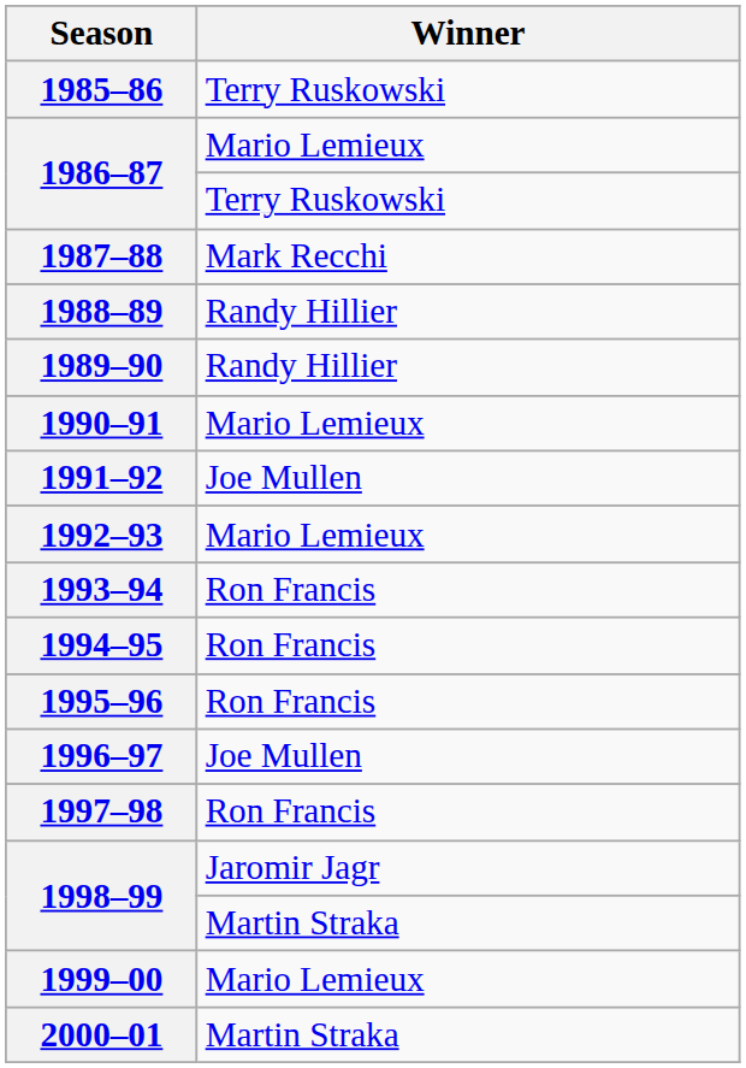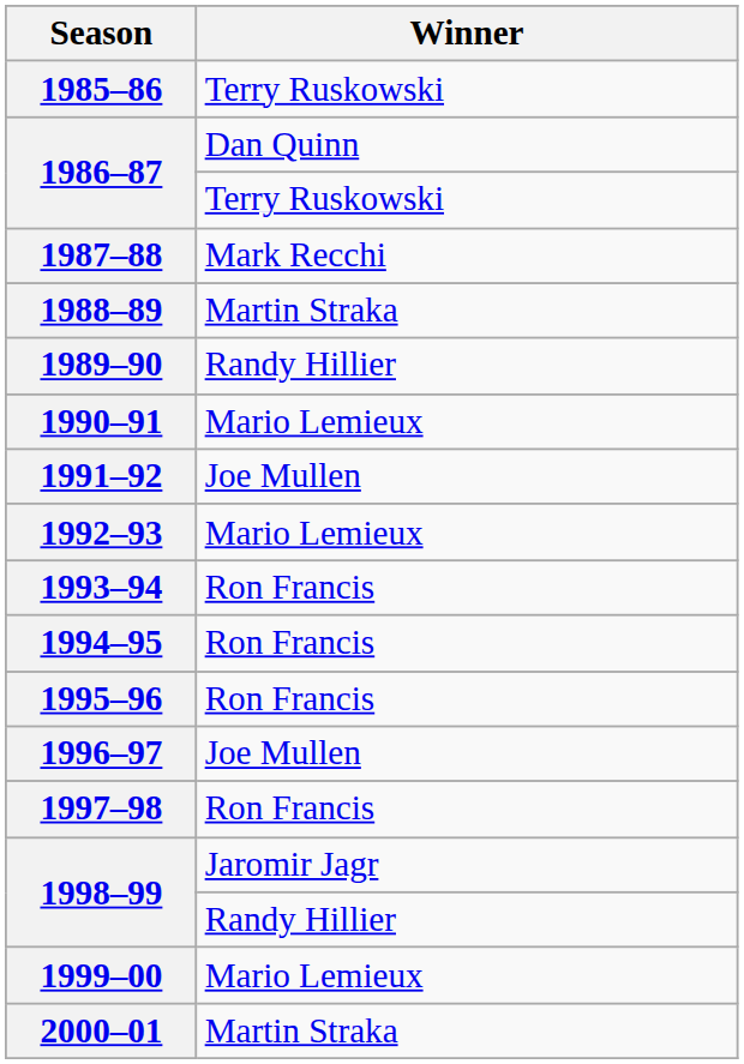 <table class="wikitable">
 <tr>
 <th scope="col" style="width:5em">Season</th>
 <th scope="col" style="width:15em">Winner</th>
 </tr>
 <tr>
 <th scope="row"><a href='#'>1985–86</a></th>
 <td><a href='#'>Terry Ruskowski</a></td>
 </tr>
 <tr>
 <th scope="row" rowspan="2"><a href='#'>1986–87</a></th>
-<td><a href='#'>Mario Lemieux</a></td>
+<td><a href='#'>Dan Quinn</a></td>
 </tr>
 <tr>
 <td><a href='#'>Terry Ruskowski</a></td>
 </tr>
 <tr>
 <th scope="row"><a href='#'>1987–88</a></th>
 <td><a href='#'>Mark Recchi</a></td>
 </tr>
 <tr>
 <th scope="row"><a href='#'>1988–89</a></th>
-<td><a href='#'>Randy Hillier</a></td>
+<td><a href='#'>Martin Straka</a></td>
 </tr>
 <tr>
 <th scope="row"><a href='#'>1989–90</a></th>
 <td><a href='#'>Randy Hillier</a></td>
 </tr>
 <tr>
 <th scope="row"><a href='#'>1990–91</a></th>
 <td><a href='#'>Mario Lemieux</a></td>
 </tr>
 <tr>
 <th scope="row"><a href='#'>1991–92</a></th>
 <td><a href='#'>Joe Mullen</a></td>
 </tr>
 <tr>
 <th scope="row"><a href='#'>1992–93</a></th>
 <td><a href='#'>Mario Lemieux</a></td>
 </tr>
 <tr>
 <th scope="row"><a href='#'>1993–94</a></th>
 <td><a href='#'>Ron Francis</a></td>
 </tr>
 <tr>
 <th scope="row"><a href='#'>1994–95</a></th>
 <td><a href='#'>Ron Francis</a></td>
 </tr>
 <tr>
 <th scope="row"><a href='#'>1995–96</a></th>
 <td><a href='#'>Ron Francis</a></td>
 </tr>
 <tr>
 <th scope="row"><a href='#'>1996–97</a></th>
 <td><a href='#'>Joe Mullen</a></td>
 </tr>
 <tr>
 <th scope="row"><a href='#'>1997–98</a></th>
 <td><a href='#'>Ron Francis</a></td>
 </tr>
 <tr>
 <th scope="row" rowspan="2"><a href='#'>1998–99</a></th>
 <td><a href='#'>Jaromir Jagr</a></td>
 </tr>
 <tr>
-<td><a href='#'>Martin Straka</a></td>
+<td><a href='#'>Randy Hillier</a></td>
 </tr>
 <tr>
 <th scope="row"><a href='#'>1999–00</a></th>
 <td><a href='#'>Mario Lemieux</a></td>
 </tr>
 <tr>
 <th scope="row"><a href='#'>2000–01</a></th>
 <td><a href='#'>Martin Straka</a></td>
 </tr>
 </table>
